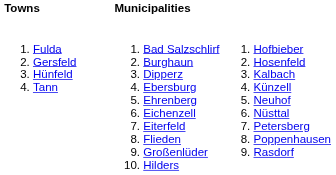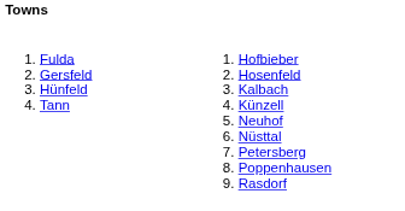 <table>
 <tr>
 <th width=33% align=left>Towns</th>
-<th width=33% align=left>Municipalities</th>
 <th width=33% align=left></th>
 </tr>
 <tr valign=top>
 <td><br><ol><li><a href='#'>Fulda</a></li><li><a href='#'>Gersfeld</a></li><li><a href='#'>Hünfeld</a></li><li><a href='#'>Tann</a></li></ol></td>
-<td><br><ol><li><a href='#'>Bad Salzschlirf</a></li><li><a href='#'>Burghaun</a></li><li><a href='#'>Dipperz</a></li><li><a href='#'>Ebersburg</a></li><li><a href='#'>Ehrenberg</a></li><li><a href='#'>Eichenzell</a></li><li><a href='#'>Eiterfeld</a></li><li><a href='#'>Flieden</a></li><li><a href='#'>Großenlüder</a></li><li><a href='#'>Hilders</a></li></ol></td>
 <td><br><ol> <li><a href='#'>Hofbieber</a> <li><a href='#'>Hosenfeld</a> <li><a href='#'>Kalbach</a> <li><a href='#'>Künzell</a> <li><a href='#'>Neuhof</a> <li><a href='#'>Nüsttal</a> <li><a href='#'>Petersberg</a> <li><a href='#'>Poppenhausen</a> <li><a href='#'>Rasdorf</a> </ol></td>
 </tr>
 </table>
